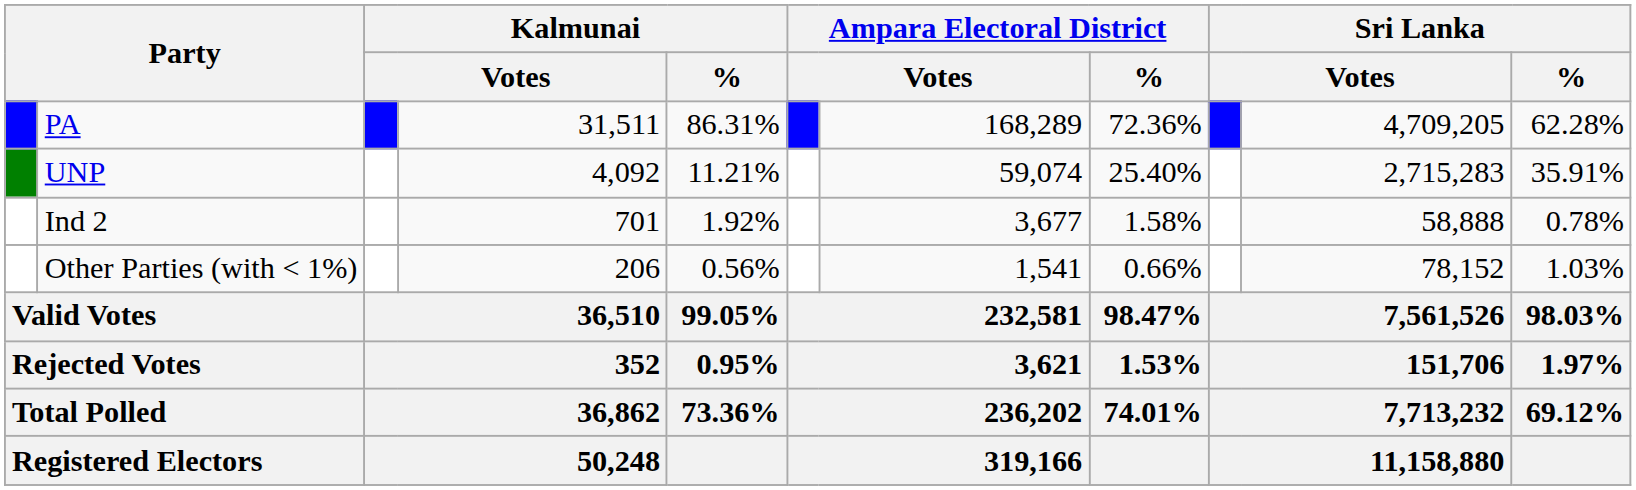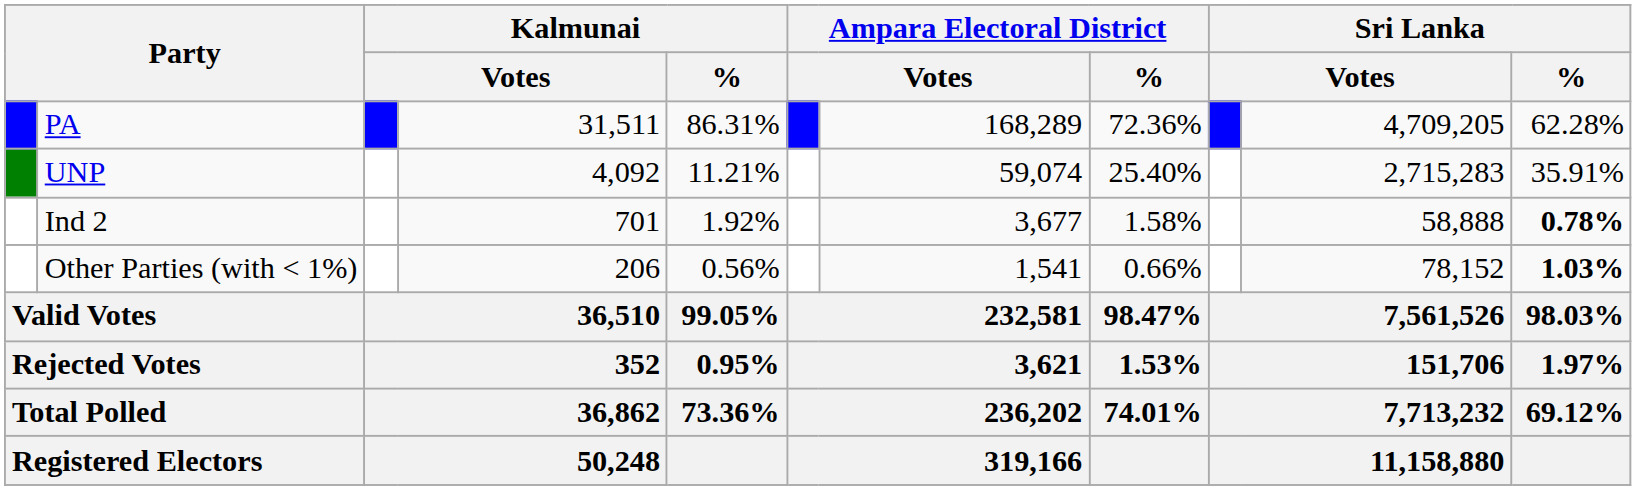 <table class="wikitable">
 <tr>
 <th colspan="2" width="144px"rowspan="2">Party</th>
 <th colspan="3" width="216px">Kalmunai</th>
 <th colspan="3" width="216px"><a href='#'>Ampara Electoral District</a></th>
 <th colspan="3" width="216px">Sri Lanka</th>
 </tr>
 <tr>
 <th colspan="2" width="144px">Votes</th>
 <th>%</th>
 <th colspan="2" width="144px">Votes</th>
 <th>%</th>
 <th colspan="2" width="144px">Votes</th>
 <th>%</th>
 </tr>
 <tr>
 <td style="background-color:blue;" width="10px"></td>
 <td style="text-align:left;"><a href='#'>PA</a></td>
 <td style="background-color:blue;" width="10px"></td>
 <td style="text-align:right;">31,511</td>
 <td style="text-align:right;">86.31%</td>
 <td style="background-color:blue;" width="10px"></td>
 <td style="text-align:right;">168,289</td>
 <td style="text-align:right;">72.36%</td>
 <td style="background-color:blue;" width="10px"></td>
 <td style="text-align:right;">4,709,205</td>
 <td style="text-align:right;">62.28%</td>
 </tr>
 <tr>
 <td style="background-color:green;" width="10px"></td>
 <td style="text-align:left;"><a href='#'>UNP</a></td>
 <td style="background-color:white;" width="10px"></td>
 <td style="text-align:right;">4,092</td>
 <td style="text-align:right;">11.21%</td>
 <td style="background-color:white;" width="10px"></td>
 <td style="text-align:right;">59,074</td>
 <td style="text-align:right;">25.40%</td>
 <td style="background-color:white;" width="10px"></td>
 <td style="text-align:right;">2,715,283</td>
 <td style="text-align:right;">35.91%</td>
 </tr>
 <tr>
 <td style="background-color:white;" width="10px"></td>
 <td style="text-align:left;">Ind 2</td>
 <td style="background-color:white;" width="10px"></td>
 <td style="text-align:right;">701</td>
 <td style="text-align:right;">1.92%</td>
 <td style="background-color:white;" width="10px"></td>
 <td style="text-align:right;">3,677</td>
 <td style="text-align:right;">1.58%</td>
 <td style="background-color:white;" width="10px"></td>
 <td style="text-align:right;">58,888</td>
-<td style="text-align:right;">0.78%</td>
+<td style="text-align:right;"><strong>0.78%</strong></td>
 </tr>
 <tr>
 <td style="background-color:white;" width="10px"></td>
 <td style="text-align:left;">Other Parties (with < 1%)</td>
 <td style="background-color:white;" width="10px"></td>
 <td style="text-align:right;">206</td>
 <td style="text-align:right;">0.56%</td>
 <td style="background-color:white;" width="10px"></td>
 <td style="text-align:right;">1,541</td>
 <td style="text-align:right;">0.66%</td>
 <td style="background-color:white;" width="10px"></td>
 <td style="text-align:right;">78,152</td>
-<td style="text-align:right;">1.03%</td>
+<td style="text-align:right;"><strong>1.03%</strong></td>
 </tr>
 <tr>
 <th colspan="2" width="144px"style="text-align:left;">Valid Votes</th>
 <th style="text-align:right;"colspan="2" width="144px">36,510</th>
 <th style="text-align:right;">99.05%</th>
 <th style="text-align:right;"colspan="2" width="144px">232,581</th>
 <th style="text-align:right;">98.47%</th>
 <th style="text-align:right;"colspan="2" width="144px">7,561,526</th>
 <th style="text-align:right;">98.03%</th>
 </tr>
 <tr>
 <th colspan="2" width="144px"style="text-align:left;">Rejected Votes</th>
 <th style="text-align:right;"colspan="2" width="144px">352</th>
 <th style="text-align:right;">0.95%</th>
 <th style="text-align:right;"colspan="2" width="144px">3,621</th>
 <th style="text-align:right;">1.53%</th>
 <th style="text-align:right;"colspan="2" width="144px">151,706</th>
 <th style="text-align:right;">1.97%</th>
 </tr>
 <tr>
 <th colspan="2" width="144px"style="text-align:left;">Total Polled</th>
 <th style="text-align:right;"colspan="2" width="144px">36,862</th>
 <th style="text-align:right;">73.36%</th>
 <th style="text-align:right;"colspan="2" width="144px">236,202</th>
 <th style="text-align:right;">74.01%</th>
 <th style="text-align:right;"colspan="2" width="144px">7,713,232</th>
 <th style="text-align:right;">69.12%</th>
 </tr>
 <tr>
 <th colspan="2" width="144px"style="text-align:left;">Registered Electors</th>
 <th style="text-align:right;"colspan="2" width="144px">50,248</th>
 <th></th>
 <th style="text-align:right;"colspan="2" width="144px">319,166</th>
 <th></th>
 <th style="text-align:right;"colspan="2" width="144px">11,158,880</th>
 <th></th>
 </tr>
 </table>
